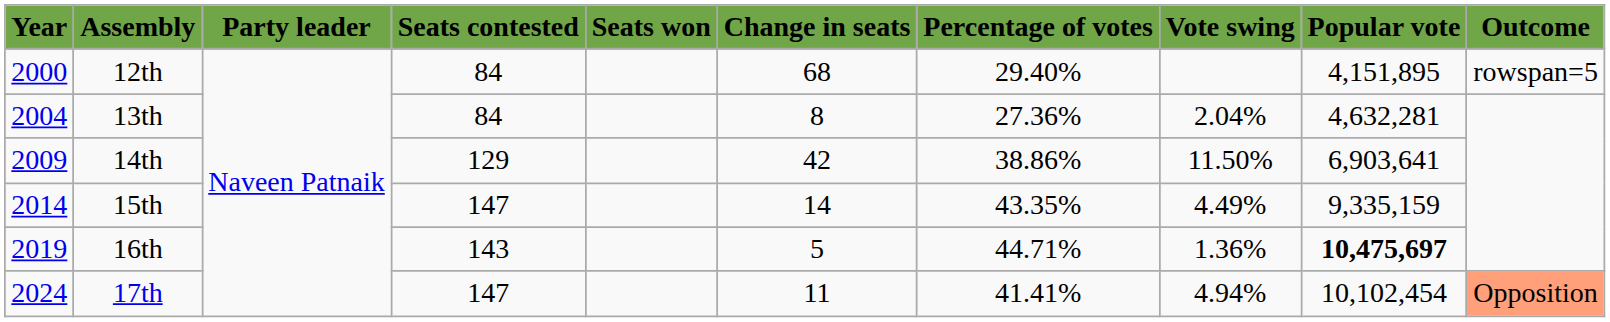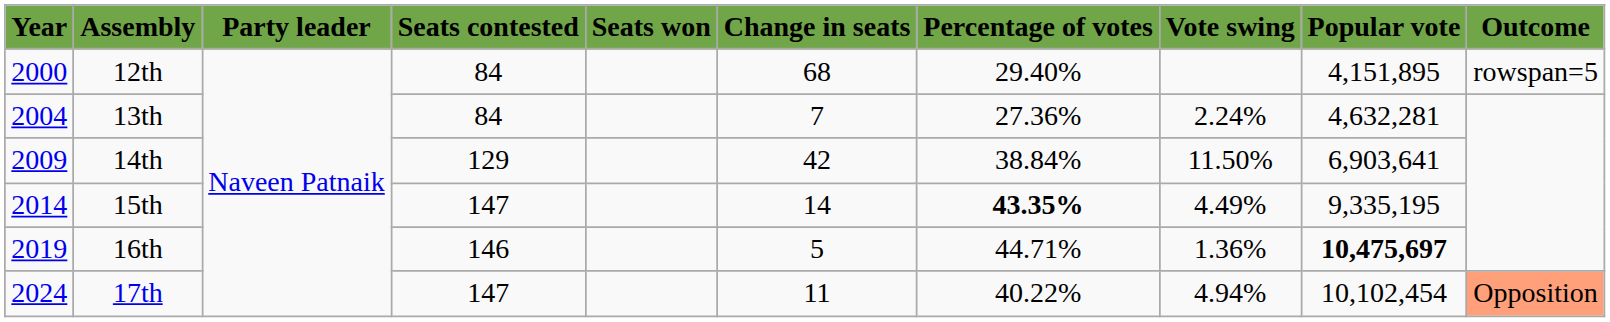 <table class="wikitable sortable" style="text-align:center;">
 <tr>
 <th style="background-color:#70A548;color:black">Year</th>
 <th style="background-color:#70A548;color:black">Assembly</th>
 <th style="background-color:#70A548;color:black">Party leader</th>
 <th style="background-color:#70A548;color:black">Seats contested</th>
 <th style="background-color:#70A548;color:black">Seats won</th>
 <th style="background-color:#70A548;color:black">Change in seats</th>
 <th style="background-color:#70A548;color:black">Percentage of votes</th>
 <th style="background-color:#70A548;color:black">Vote swing</th>
 <th style="background-color:#70A548;color:black">Popular vote</th>
 <th style="background-color:#70A548;color:black">Outcome</th>
 </tr>
 <tr>
 <td><a href='#'>2000</a></td>
 <td>12th</td>
 <td rowspan=6><a href='#'>Naveen&nbsp;Patnaik</a></td>
 <td>84</td>
 <td></td>
 <td> 68</td>
 <td>29.40%</td>
 <td></td>
 <td>4,151,895</td>
 <td>rowspan=5 </td>
 </tr>
 <tr>
 <td><a href='#'>2004</a></td>
 <td>13th</td>
 <td>84</td>
 <td></td>
-<td> 8</td>
+<td> 7</td>
 <td>27.36%</td>
-<td> 2.04%</td>
+<td> 2.24%</td>
 <td>4,632,281</td>
 </tr>
 <tr>
 <td><a href='#'>2009</a></td>
 <td>14th</td>
 <td>129</td>
 <td></td>
 <td> 42</td>
-<td>38.86%</td>
+<td>38.84%</td>
 <td> 11.50%</td>
 <td>6,903,641</td>
 </tr>
 <tr>
 <td><a href='#'>2014</a></td>
 <td>15th</td>
 <td>147</td>
 <td></td>
 <td> 14</td>
-<td>43.35%</td>
+<td><strong>43.35%</strong></td>
 <td> 4.49%</td>
-<td>9,335,159</td>
+<td>9,335,195</td>
 </tr>
 <tr>
 <td><a href='#'>2019</a></td>
 <td>16th</td>
-<td>143</td>
+<td>146</td>
 <td></td>
 <td> 5</td>
 <td>44.71%</td>
 <td> 1.36%</td>
 <td><strong>10,475,697</strong></td>
 </tr>
 <tr>
 <td><a href='#'>2024</a></td>
 <td><a href='#'>17th</a></td>
 <td>147</td>
 <td></td>
 <td> 11</td>
-<td>41.41%</td>
+<td>40.22%</td>
 <td> 4.94%</td>
 <td>10,102,454</td>
 <td style="background:#FFA07A;">Opposition</td>
 </tr>
 </table>
